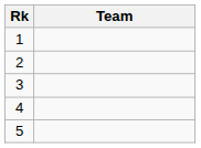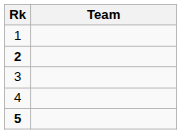 <table class=wikitable style=text-align:center>
 <tr>
 <th width=25>Rk</th>
 <th width=170>Team</th>
 </tr>
 <tr>
 <td>1</td>
 <td align=left></td>
 </tr>
 <tr>
-<td>2</td>
+<td><strong>2</strong></td>
 <td align=left></td>
 </tr>
 <tr>
 <td>3</td>
 <td align=left></td>
 </tr>
 <tr>
 <td>4</td>
 <td align=left></td>
 </tr>
 <tr>
-<td>5</td>
+<td><strong>5</strong></td>
 <td align=left></td>
 </tr>
 </table>
